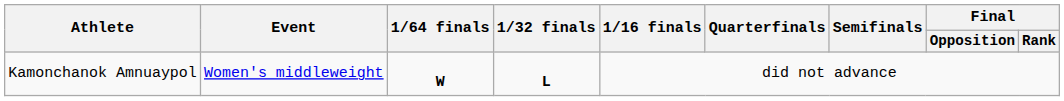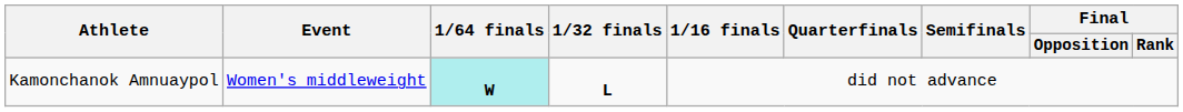 <table class="wikitable" style="font-size:90%">
 <tr>
 <th rowspan=2>Athlete</th>
 <th rowspan=2>Event</th>
 <th rowspan=2>1/64 finals</th>
 <th rowspan=2>1/32 finals</th>
 <th rowspan=2>1/16 finals</th>
 <th rowspan=2>Quarterfinals</th>
 <th rowspan=2>Semifinals</th>
 <th colspan=2>Final</th>
 </tr>
 <tr style="font-size:95%">
 <th>Opposition</th>
 <th>Rank</th>
 </tr>
 <tr align=center>
 <td align=left>Kamonchanok Amnuaypol</td>
 <td align=left rowspan=6><a href='#'>Women's middleweight</a></td>
-<td><br> <strong>W</strong></td>
+<td style="background: paleturquoise;"><br> <strong>W</strong></td>
 <td><br> <strong>L</strong></td>
 <td colspan=5>did not advance</td>
 </tr>
 </table>
